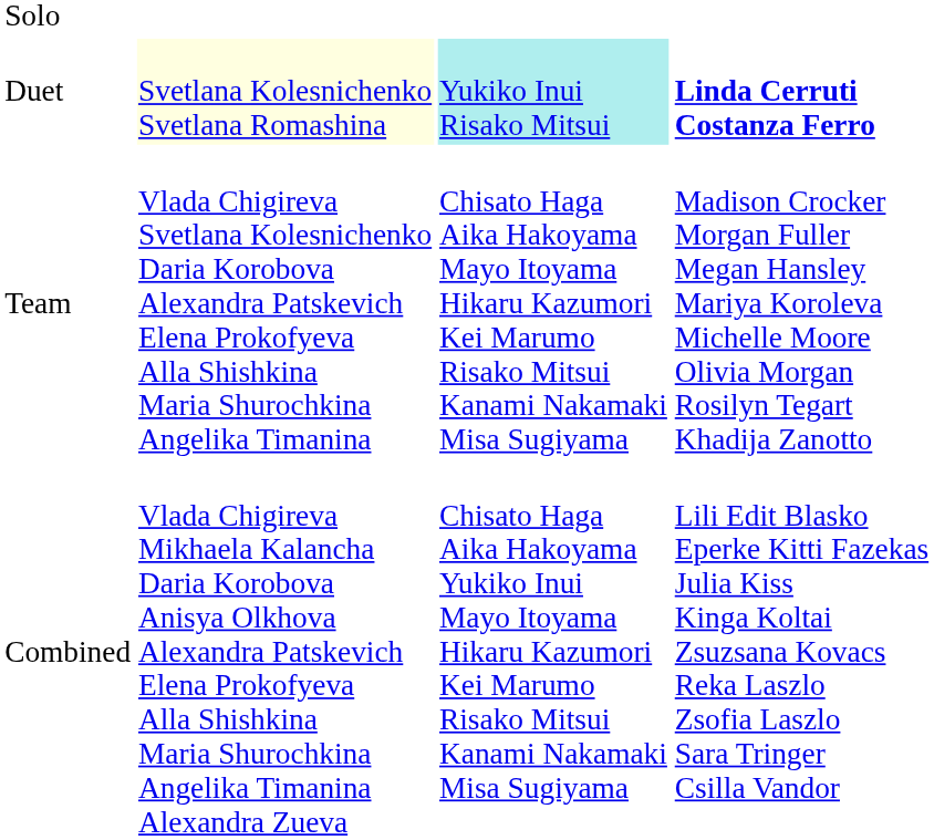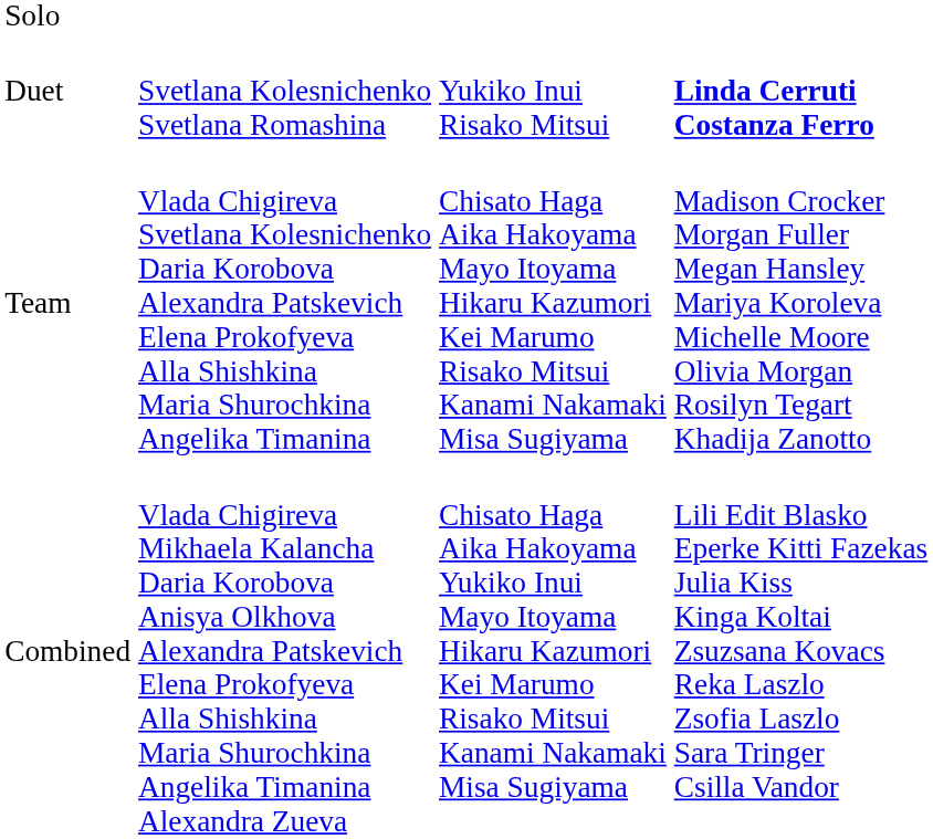 <table>
 <tr>
 <td>Solo<br></td>
 <td></td>
 <td></td>
 <td></td>
 </tr>
 <tr>
 <td>Duet<br></td>
-<td style="background: lightyellow;"><br><a href='#'>Svetlana Kolesnichenko</a><br><a href='#'>Svetlana Romashina</a></td>
-<td style="background: paleturquoise;"><br><a href='#'>Yukiko Inui</a><br><a href='#'>Risako Mitsui</a></td>
+<td><br><a href='#'>Svetlana Kolesnichenko</a><br><a href='#'>Svetlana Romashina</a></td>
+<td><br><a href='#'>Yukiko Inui</a><br><a href='#'>Risako Mitsui</a></td>
 <td><strong><br><a href='#'>Linda Cerruti</a><br><a href='#'>Costanza Ferro</a></strong></td>
 </tr>
 <tr>
 <td>Team<br></td>
 <td><br><a href='#'>Vlada Chigireva</a><br><a href='#'>Svetlana Kolesnichenko</a><br><a href='#'>Daria Korobova</a><br><a href='#'>Alexandra Patskevich</a><br><a href='#'>Elena Prokofyeva</a><br><a href='#'>Alla Shishkina</a><br><a href='#'>Maria Shurochkina</a><br><a href='#'>Angelika Timanina</a></td>
 <td><br><a href='#'>Chisato Haga</a><br><a href='#'>Aika Hakoyama</a><br><a href='#'>Mayo Itoyama</a><br><a href='#'>Hikaru Kazumori</a><br><a href='#'>Kei Marumo</a><br><a href='#'>Risako Mitsui</a><br><a href='#'>Kanami Nakamaki</a><br><a href='#'>Misa Sugiyama</a></td>
 <td><br><a href='#'>Madison Crocker</a><br><a href='#'>Morgan Fuller</a><br><a href='#'>Megan Hansley</a><br><a href='#'>Mariya Koroleva</a><br><a href='#'>Michelle Moore</a><br><a href='#'>Olivia Morgan</a><br><a href='#'>Rosilyn Tegart</a><br><a href='#'>Khadija Zanotto</a></td>
 </tr>
 <tr>
 <td>Combined<br></td>
 <td><br><a href='#'>Vlada Chigireva</a><br><a href='#'>Mikhaela Kalancha</a><br><a href='#'>Daria Korobova</a><br><a href='#'>Anisya Olkhova</a><br><a href='#'>Alexandra Patskevich</a><br><a href='#'>Elena Prokofyeva</a><br><a href='#'>Alla Shishkina</a><br><a href='#'>Maria Shurochkina</a><br><a href='#'>Angelika Timanina</a><br><a href='#'>Alexandra Zueva</a></td>
 <td><br><a href='#'>Chisato Haga</a><br><a href='#'>Aika Hakoyama</a><br><a href='#'>Yukiko Inui</a><br><a href='#'>Mayo Itoyama</a><br><a href='#'>Hikaru Kazumori</a><br><a href='#'>Kei Marumo</a><br><a href='#'>Risako Mitsui</a><br><a href='#'>Kanami Nakamaki</a><br><a href='#'>Misa Sugiyama</a><br><br></td>
 <td><br><a href='#'>Lili Edit Blasko</a><br><a href='#'>Eperke Kitti Fazekas</a><br><a href='#'>Julia Kiss</a><br><a href='#'>Kinga Koltai</a><br><a href='#'>Zsuzsana Kovacs</a><br><a href='#'>Reka Laszlo</a><br><a href='#'>Zsofia Laszlo</a><br><a href='#'>Sara Tringer</a><br><a href='#'>Csilla Vandor</a><br><br></td>
 </tr>
 </table>
